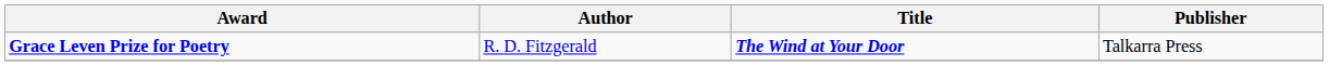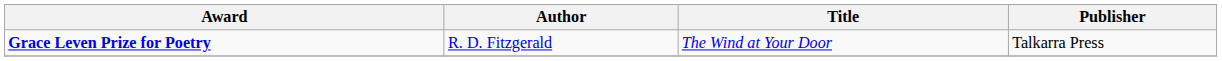 <table class="wikitable" width=95%>
 <tr>
 <th>Award</th>
 <th>Author</th>
 <th>Title</th>
 <th>Publisher</th>
 </tr>
 <tr>
 <td><strong><a href='#'>Grace Leven Prize for Poetry</a></strong></td>
 <td><a href='#'>R. D. Fitzgerald</a></td>
-<td><strong><em><a href='#'>The Wind at Your Door</a></em></strong></td>
+<td><em><a href='#'>The Wind at Your Door</a></em></td>
 <td>Talkarra Press</td>
 </tr>
 <tr>
 </tr>
 </table>
